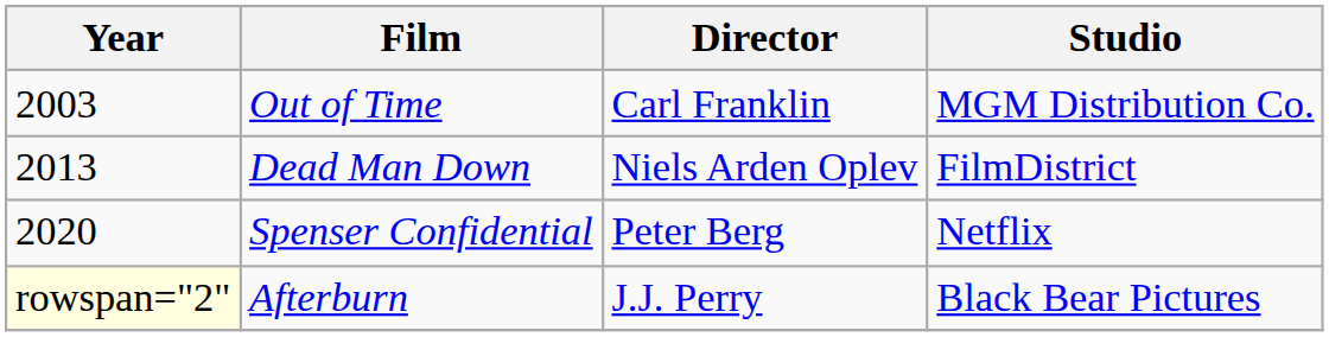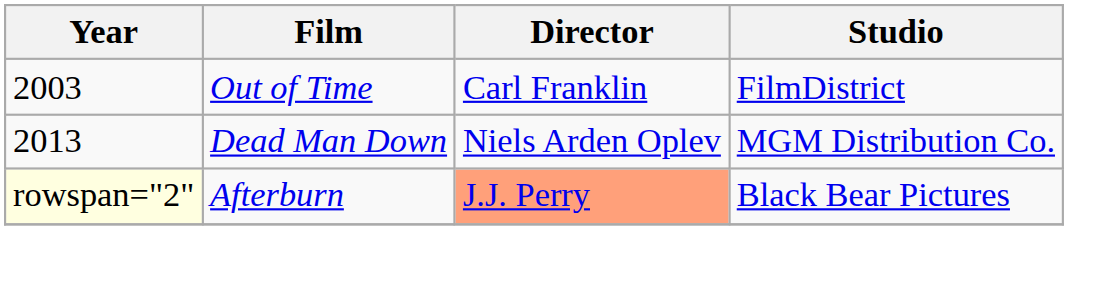 <table class="wikitable">
 <tr>
 <th>Year</th>
 <th>Film</th>
 <th>Director</th>
 <th>Studio</th>
 </tr>
 <tr>
 <td>2003</td>
 <td><em><a href='#'>Out of Time</a></em></td>
 <td><a href='#'>Carl Franklin</a></td>
-<td><a href='#'>MGM Distribution Co.</a></td>
+<td><a href='#'>FilmDistrict</a></td>
 </tr>
 <tr>
 <td>2013</td>
 <td><em><a href='#'>Dead Man Down</a></em></td>
 <td><a href='#'>Niels Arden Oplev</a></td>
-<td><a href='#'>FilmDistrict</a></td>
-</tr>
-<tr>
-<td>2020</td>
-<td><em><a href='#'>Spenser Confidential</a></em></td>
-<td><a href='#'>Peter Berg</a></td>
-<td><a href='#'>Netflix</a></td>
+<td><a href='#'>MGM Distribution Co.</a></td>
 </tr>
 <tr>
 <td style="background: lightyellow;">rowspan="2" </td>
 <td><em><a href='#'>Afterburn</a></em></td>
-<td><a href='#'>J.J. Perry</a></td>
+<td style="background: lightsalmon;"><a href='#'>J.J. Perry</a></td>
 <td><a href='#'>Black Bear Pictures</a></td>
 </tr>
 <tr>
 </tr>
 </table>
